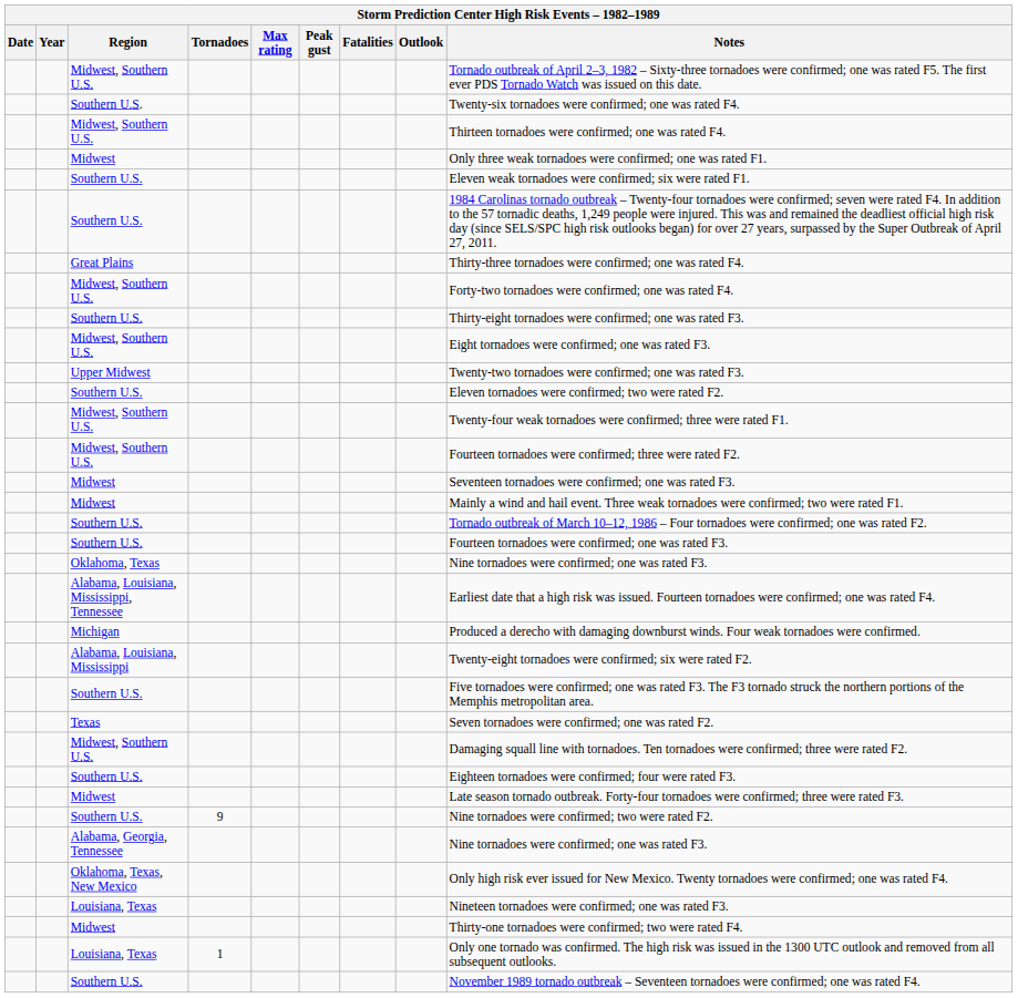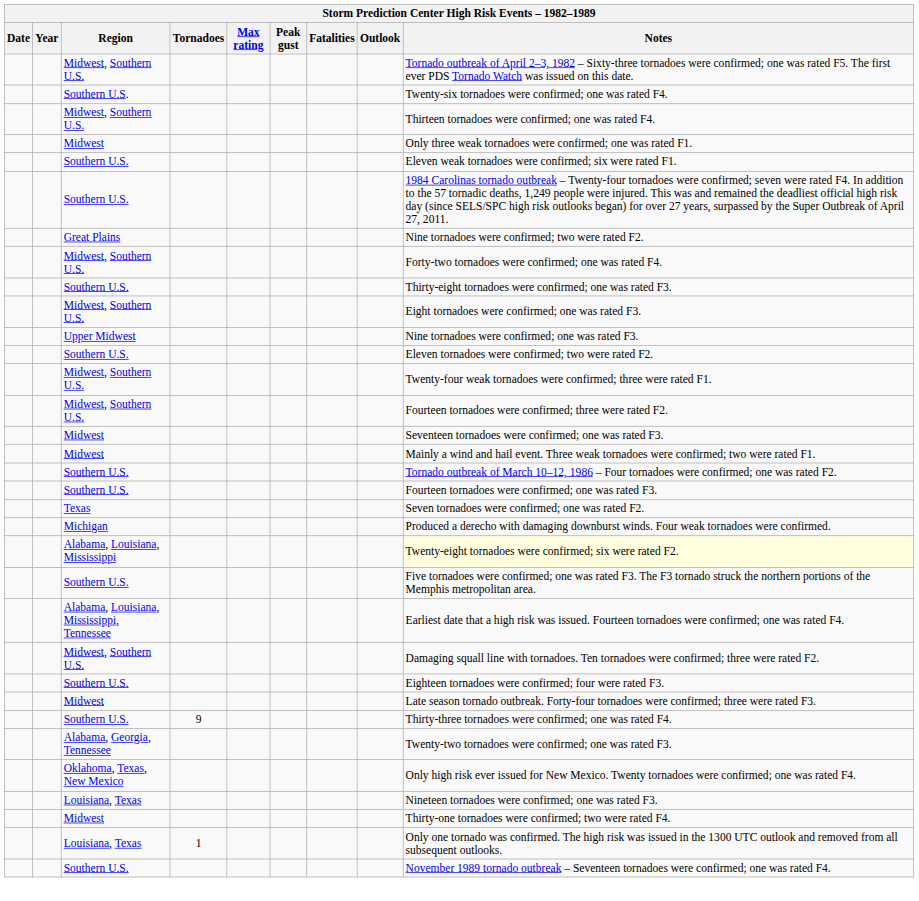 <table class="wikitable collapsible sortable" style="width:100%;">
 <tr>
 <th colspan="9">Storm Prediction Center High Risk Events – 1982–1989</th>
 </tr>
 <tr>
 <th scope="col">Date</th>
 <th scope="col">Year</th>
 <th scope="col" class="unsortable" style="width:12%;">Region</th>
 <th scope="col">Tornadoes</th>
 <th scope="col"><a href='#'>Max rating</a></th>
 <th scope="col">Peak gust</th>
 <th scope="col">Fatalities</th>
 <th scope="col" class="unsortable">Outlook</th>
 <th scope="col" class="unsortable">Notes</th>
 </tr>
 <tr>
 <td></td>
 <td></td>
 <td><a href='#'>Midwest</a>, <a href='#'>Southern U.S.</a></td>
 <td style="text-align:center;"></td>
 <td></td>
 <td style="text-align:center;"></td>
 <td style="text-align:center;"></td>
 <td></td>
 <td><a href='#'>Tornado outbreak of April 2–3, 1982</a> – Sixty-three tornadoes were confirmed; one was rated F5. The first ever PDS <a href='#'>Tornado Watch</a> was issued on this date.</td>
 </tr>
 <tr>
 <td></td>
 <td></td>
 <td><a href='#'>Southern U.S</a>.</td>
 <td style="text-align:center;"></td>
 <td></td>
 <td style="text-align:center;"></td>
 <td style="text-align:center;"></td>
 <td></td>
 <td>Twenty-six tornadoes were confirmed; one was rated F4.</td>
 </tr>
 <tr>
 <td></td>
 <td></td>
 <td><a href='#'>Midwest</a>, <a href='#'>Southern U.S.</a></td>
 <td style="text-align:center;"></td>
 <td></td>
 <td style="text-align:center;"></td>
 <td style="text-align:center;"></td>
 <td></td>
 <td>Thirteen tornadoes were confirmed; one was rated F4.</td>
 </tr>
 <tr>
 <td></td>
 <td></td>
 <td><a href='#'>Midwest</a></td>
 <td style="text-align:center;"></td>
 <td></td>
 <td style="text-align:center;"></td>
 <td style="text-align:center;"></td>
 <td></td>
 <td>Only three weak tornadoes were confirmed; one was rated F1.</td>
 </tr>
 <tr>
 <td></td>
 <td></td>
 <td><a href='#'>Southern U.S.</a></td>
 <td style="text-align:center;"></td>
 <td></td>
 <td style="text-align:center;"></td>
 <td style="text-align:center;"></td>
 <td></td>
 <td>Eleven weak tornadoes were confirmed; six were rated F1.</td>
 </tr>
 <tr>
 <td></td>
 <td></td>
 <td><a href='#'>Southern U.S.</a></td>
 <td style="text-align:center;"></td>
 <td></td>
 <td style="text-align:center;"></td>
 <td style="text-align:center;"></td>
 <td></td>
 <td><a href='#'>1984 Carolinas tornado outbreak</a> – Twenty-four tornadoes were confirmed; seven were rated F4. In addition to the 57 tornadic deaths, 1,249 people were injured. This was and remained the deadliest official high risk day (since SELS/SPC high risk outlooks began) for over 27 years, surpassed by the Super Outbreak of April 27, 2011.</td>
 </tr>
 <tr>
 <td></td>
 <td></td>
 <td><a href='#'>Great Plains</a></td>
 <td style="text-align:center;"></td>
 <td></td>
 <td style="text-align:center;"></td>
 <td style="text-align:center;"></td>
 <td></td>
-<td>Thirty-three tornadoes were confirmed; one was rated F4.</td>
+<td>Nine tornadoes were confirmed; two were rated F2.</td>
 </tr>
 <tr>
 <td></td>
 <td></td>
 <td><a href='#'>Midwest</a>, <a href='#'>Southern U.S.</a></td>
 <td style="text-align:center;"></td>
 <td></td>
 <td style="text-align:center;"></td>
 <td style="text-align:center;"></td>
 <td></td>
 <td>Forty-two tornadoes were confirmed; one was rated F4.</td>
 </tr>
 <tr>
 <td></td>
 <td></td>
 <td><a href='#'>Southern U.S.</a></td>
 <td style="text-align:center;"></td>
 <td></td>
 <td style="text-align:center;"></td>
 <td style="text-align:center;"></td>
 <td></td>
 <td>Thirty-eight tornadoes were confirmed; one was rated F3.</td>
 </tr>
 <tr>
 <td></td>
 <td></td>
 <td><a href='#'>Midwest</a>, <a href='#'>Southern U.S.</a></td>
 <td style="text-align:center;"></td>
 <td></td>
 <td style="text-align:center;"></td>
 <td style="text-align:center;"></td>
 <td></td>
 <td>Eight tornadoes were confirmed; one was rated F3.</td>
 </tr>
 <tr>
 <td></td>
 <td></td>
 <td><a href='#'>Upper Midwest</a></td>
 <td style="text-align:center;"></td>
 <td></td>
 <td style="text-align:center;"></td>
 <td style="text-align:center;"></td>
 <td></td>
-<td>Twenty-two tornadoes were confirmed; one was rated F3.</td>
+<td>Nine tornadoes were confirmed; one was rated F3.</td>
 </tr>
 <tr>
 <td></td>
 <td></td>
 <td><a href='#'>Southern U.S.</a></td>
 <td style="text-align:center;"></td>
 <td></td>
 <td style="text-align:center;"></td>
 <td style="text-align:center;"></td>
 <td></td>
 <td>Eleven tornadoes were confirmed; two were rated F2.</td>
 </tr>
 <tr>
 <td></td>
 <td></td>
 <td><a href='#'>Midwest</a>, <a href='#'>Southern U.S.</a></td>
 <td style="text-align:center;"></td>
 <td></td>
 <td style="text-align:center;"></td>
 <td style="text-align:center;"></td>
 <td></td>
 <td>Twenty-four weak tornadoes were confirmed; three were rated F1.</td>
 </tr>
 <tr>
 <td></td>
 <td></td>
 <td><a href='#'>Midwest</a>, <a href='#'>Southern U.S.</a></td>
 <td style="text-align:center;"></td>
 <td></td>
 <td style="text-align:center;"></td>
 <td style="text-align:center;"></td>
 <td></td>
 <td>Fourteen tornadoes were confirmed; three were rated F2.</td>
 </tr>
 <tr>
 <td></td>
 <td></td>
 <td><a href='#'>Midwest</a></td>
 <td style="text-align:center;"></td>
 <td></td>
 <td style="text-align:center;"></td>
 <td style="text-align:center;"></td>
 <td></td>
 <td>Seventeen tornadoes were confirmed; one was rated F3.</td>
 </tr>
 <tr>
 <td></td>
 <td></td>
 <td><a href='#'>Midwest</a></td>
 <td style="text-align:center;"></td>
 <td></td>
 <td style="text-align:center;"></td>
 <td style="text-align:center;"></td>
 <td></td>
 <td>Mainly a wind and hail event. Three weak tornadoes were confirmed; two were rated F1.</td>
 </tr>
 <tr>
 <td></td>
 <td></td>
 <td><a href='#'>Southern U.S.</a></td>
 <td style="text-align:center;"></td>
 <td></td>
 <td style="text-align:center;"></td>
 <td style="text-align:center;"></td>
 <td></td>
 <td><a href='#'>Tornado outbreak of March 10–12, 1986</a> – Four tornadoes were confirmed; one was rated F2.</td>
 </tr>
 <tr>
 <td></td>
 <td></td>
 <td><a href='#'>Southern U.S.</a></td>
 <td style="text-align:center;"></td>
 <td></td>
 <td style="text-align:center;"></td>
 <td style="text-align:center;"></td>
 <td></td>
 <td>Fourteen tornadoes were confirmed; one was rated F3.</td>
 </tr>
 <tr>
 <td></td>
 <td></td>
-<td><a href='#'>Oklahoma</a>, <a href='#'>Texas</a></td>
+<td><a href='#'>Texas</a></td>
 <td style="text-align:center;"></td>
 <td></td>
 <td style="text-align:center;"></td>
 <td style="text-align:center;"></td>
 <td></td>
-<td>Nine tornadoes were confirmed; one was rated F3.</td>
-</tr>
-<tr>
-<td></td>
-<td></td>
-<td><a href='#'>Alabama</a>, <a href='#'>Louisiana</a>, <a href='#'>Mississippi</a>, <a href='#'>Tennessee</a></td>
-<td style="text-align:center;"></td>
-<td></td>
-<td style="text-align:center;"></td>
-<td style="text-align:center;"></td>
-<td></td>
-<td>Earliest date that a high risk was issued. Fourteen tornadoes were confirmed; one was rated F4.</td>
+<td>Seven tornadoes were confirmed; one was rated F2.</td>
 </tr>
 <tr>
 <td></td>
 <td></td>
 <td><a href='#'>Michigan</a></td>
 <td style="text-align:center;"></td>
 <td></td>
 <td style="text-align:center;"></td>
 <td style="text-align:center;"></td>
 <td></td>
 <td>Produced a derecho with damaging downburst winds. Four weak tornadoes were confirmed.</td>
 </tr>
 <tr>
 <td></td>
 <td></td>
 <td><a href='#'>Alabama</a>, <a href='#'>Louisiana</a>, <a href='#'>Mississippi</a></td>
 <td style="text-align:center;"></td>
 <td></td>
 <td style="text-align:center;"></td>
 <td style="text-align:center;"></td>
 <td></td>
-<td>Twenty-eight tornadoes were confirmed; six were rated F2.</td>
+<td style="background: lightyellow;">Twenty-eight tornadoes were confirmed; six were rated F2.</td>
 </tr>
 <tr>
 <td></td>
 <td></td>
 <td><a href='#'>Southern U.S.</a></td>
 <td style="text-align:center;"></td>
 <td></td>
 <td style="text-align:center;"></td>
 <td style="text-align:center;"></td>
 <td></td>
 <td>Five tornadoes were confirmed; one was rated F3. The F3 tornado struck the northern portions of the Memphis metropolitan area.</td>
 </tr>
 <tr>
 <td></td>
 <td></td>
-<td><a href='#'>Texas</a></td>
+<td><a href='#'>Alabama</a>, <a href='#'>Louisiana</a>, <a href='#'>Mississippi</a>, <a href='#'>Tennessee</a></td>
 <td style="text-align:center;"></td>
 <td></td>
 <td style="text-align:center;"></td>
 <td style="text-align:center;"></td>
 <td></td>
-<td>Seven tornadoes were confirmed; one was rated F2.</td>
+<td>Earliest date that a high risk was issued. Fourteen tornadoes were confirmed; one was rated F4.</td>
 </tr>
 <tr>
 <td></td>
 <td></td>
 <td><a href='#'>Midwest</a>, <a href='#'>Southern U.S.</a></td>
 <td style="text-align:center;"></td>
 <td></td>
 <td style="text-align:center;"></td>
 <td style="text-align:center;"></td>
 <td></td>
 <td>Damaging squall line with tornadoes. Ten tornadoes were confirmed; three were rated F2.</td>
 </tr>
 <tr>
 <td></td>
 <td></td>
 <td><a href='#'>Southern U.S.</a></td>
 <td style="text-align:center;"></td>
 <td></td>
 <td style="text-align:center;"></td>
 <td style="text-align:center;"></td>
 <td></td>
 <td>Eighteen tornadoes were confirmed; four were rated F3.</td>
 </tr>
 <tr>
 <td></td>
 <td></td>
 <td><a href='#'>Midwest</a></td>
 <td style="text-align:center;"></td>
 <td></td>
 <td style="text-align:center;"></td>
 <td style="text-align:center;"></td>
 <td></td>
 <td>Late season tornado outbreak. Forty-four tornadoes were confirmed; three were rated F3.</td>
 </tr>
 <tr>
 <td></td>
 <td></td>
 <td><a href='#'>Southern U.S.</a></td>
 <td style="text-align:center;">9</td>
 <td></td>
 <td style="text-align:center;"></td>
 <td style="text-align:center;"></td>
 <td></td>
-<td>Nine tornadoes were confirmed; two were rated F2.</td>
+<td>Thirty-three tornadoes were confirmed; one was rated F4.</td>
 </tr>
 <tr>
 <td></td>
 <td></td>
 <td><a href='#'>Alabama</a>, <a href='#'>Georgia</a>, <a href='#'>Tennessee</a></td>
 <td style="text-align:center;"></td>
 <td></td>
 <td style="text-align:center;"></td>
 <td style="text-align:center;"></td>
 <td></td>
-<td>Nine tornadoes were confirmed; one was rated F3.</td>
+<td>Twenty-two tornadoes were confirmed; one was rated F3.</td>
 </tr>
 <tr>
 <td></td>
 <td></td>
 <td><a href='#'>Oklahoma</a>, <a href='#'>Texas</a>, <a href='#'>New Mexico</a></td>
 <td style="text-align:center;"></td>
 <td></td>
 <td style="text-align:center;"></td>
 <td style="text-align:center;"></td>
 <td></td>
 <td>Only high risk ever issued for New Mexico. Twenty tornadoes were confirmed; one was rated F4.</td>
 </tr>
 <tr>
 <td></td>
 <td></td>
 <td><a href='#'>Louisiana</a>, <a href='#'>Texas</a></td>
 <td style="text-align:center;"></td>
 <td></td>
 <td style="text-align:center;"></td>
 <td style="text-align:center;"></td>
 <td></td>
 <td>Nineteen tornadoes were confirmed; one was rated F3.</td>
 </tr>
 <tr>
 <td></td>
 <td></td>
 <td><a href='#'>Midwest</a></td>
 <td style="text-align:center;"></td>
 <td></td>
 <td style="text-align:center;"></td>
 <td style="text-align:center;"></td>
 <td></td>
 <td>Thirty-one tornadoes were confirmed; two were rated F4.</td>
 </tr>
 <tr>
 <td></td>
 <td></td>
 <td><a href='#'>Louisiana</a>, <a href='#'>Texas</a></td>
 <td style="text-align:center;">1</td>
 <td></td>
 <td style="text-align:center;"></td>
 <td style="text-align:center;"></td>
 <td></td>
 <td>Only one tornado was confirmed. The high risk was issued in the 1300 UTC outlook and removed from all subsequent outlooks.</td>
 </tr>
 <tr>
 <td></td>
 <td></td>
 <td><a href='#'>Southern U.S.</a></td>
 <td style="text-align:center;"></td>
 <td></td>
 <td style="text-align:center;"></td>
 <td style="text-align:center;"></td>
 <td></td>
 <td><a href='#'>November 1989 tornado outbreak</a> – Seventeen tornadoes were confirmed; one was rated F4.</td>
 </tr>
 </table>
